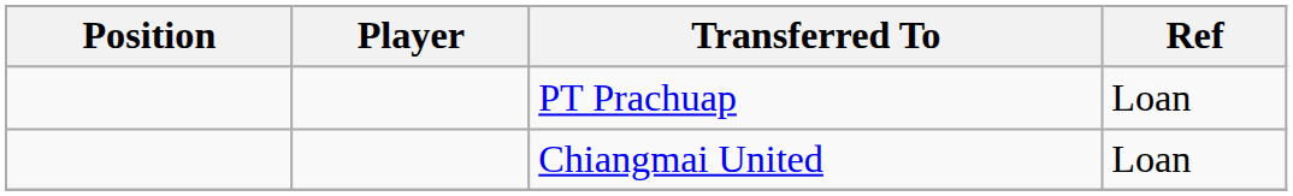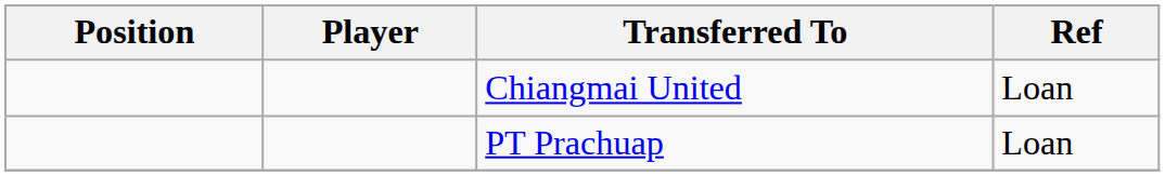 <table class="wikitable sortable" style="width:60%; text-align:center; font-size:100%; text-align:left;">
 <tr>
 <th>Position</th>
 <th>Player</th>
 <th>Transferred To</th>
 <th>Ref</th>
 </tr>
 <tr>
 <td></td>
 <td></td>
-<td> <a href='#'>PT Prachuap</a></td>
+<td> <a href='#'>Chiangmai United</a></td>
 <td>Loan</td>
 </tr>
 <tr>
 <td></td>
 <td></td>
-<td> <a href='#'>Chiangmai United</a></td>
+<td> <a href='#'>PT Prachuap</a></td>
 <td>Loan</td>
 </tr>
 <tr>
 </tr>
 </table>
